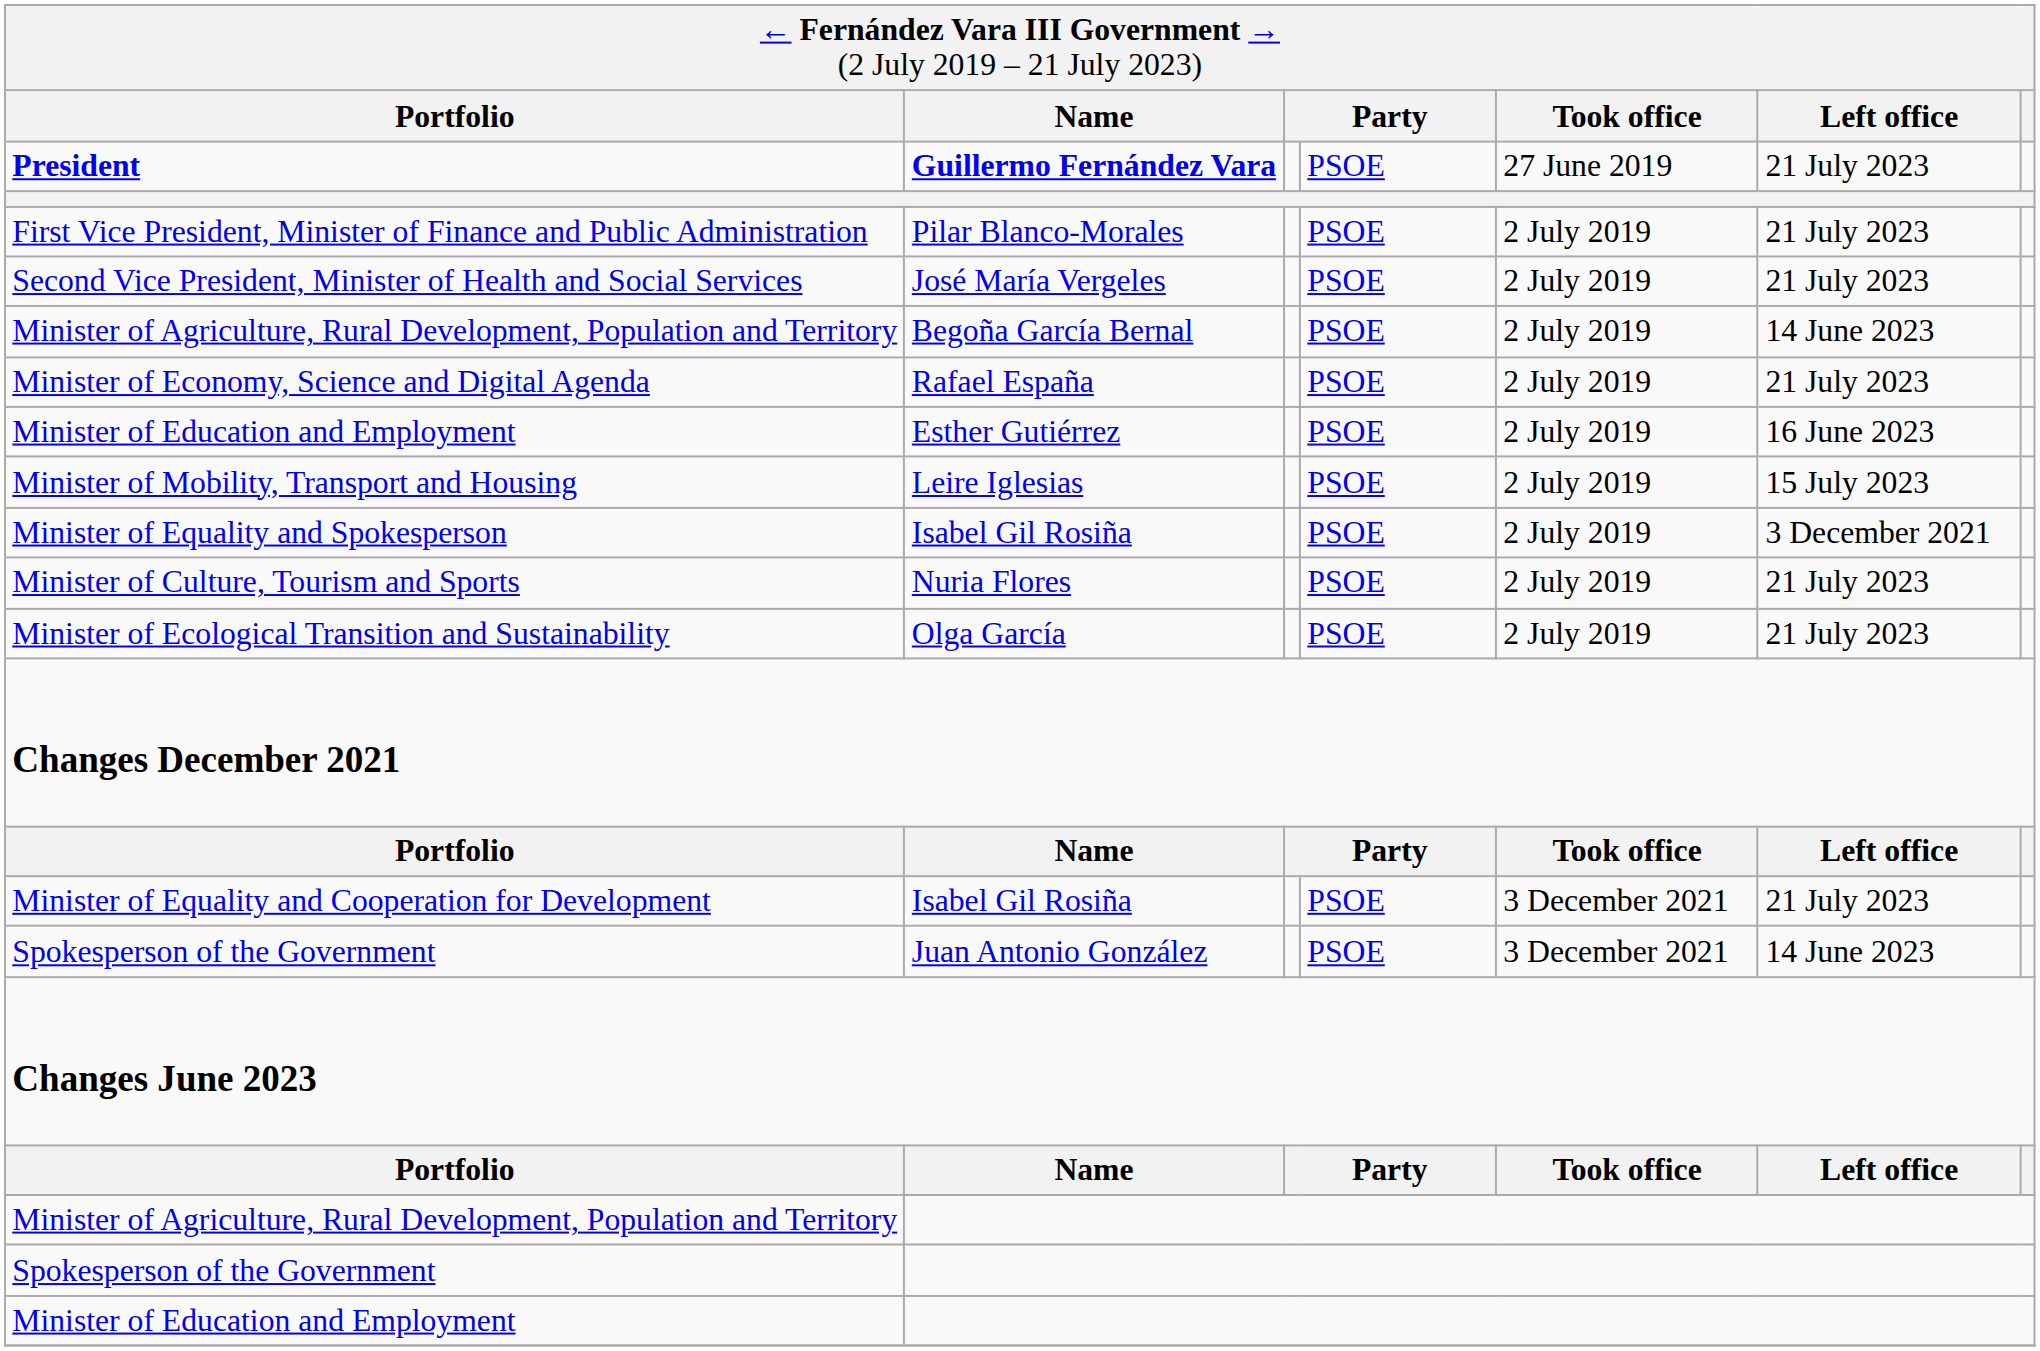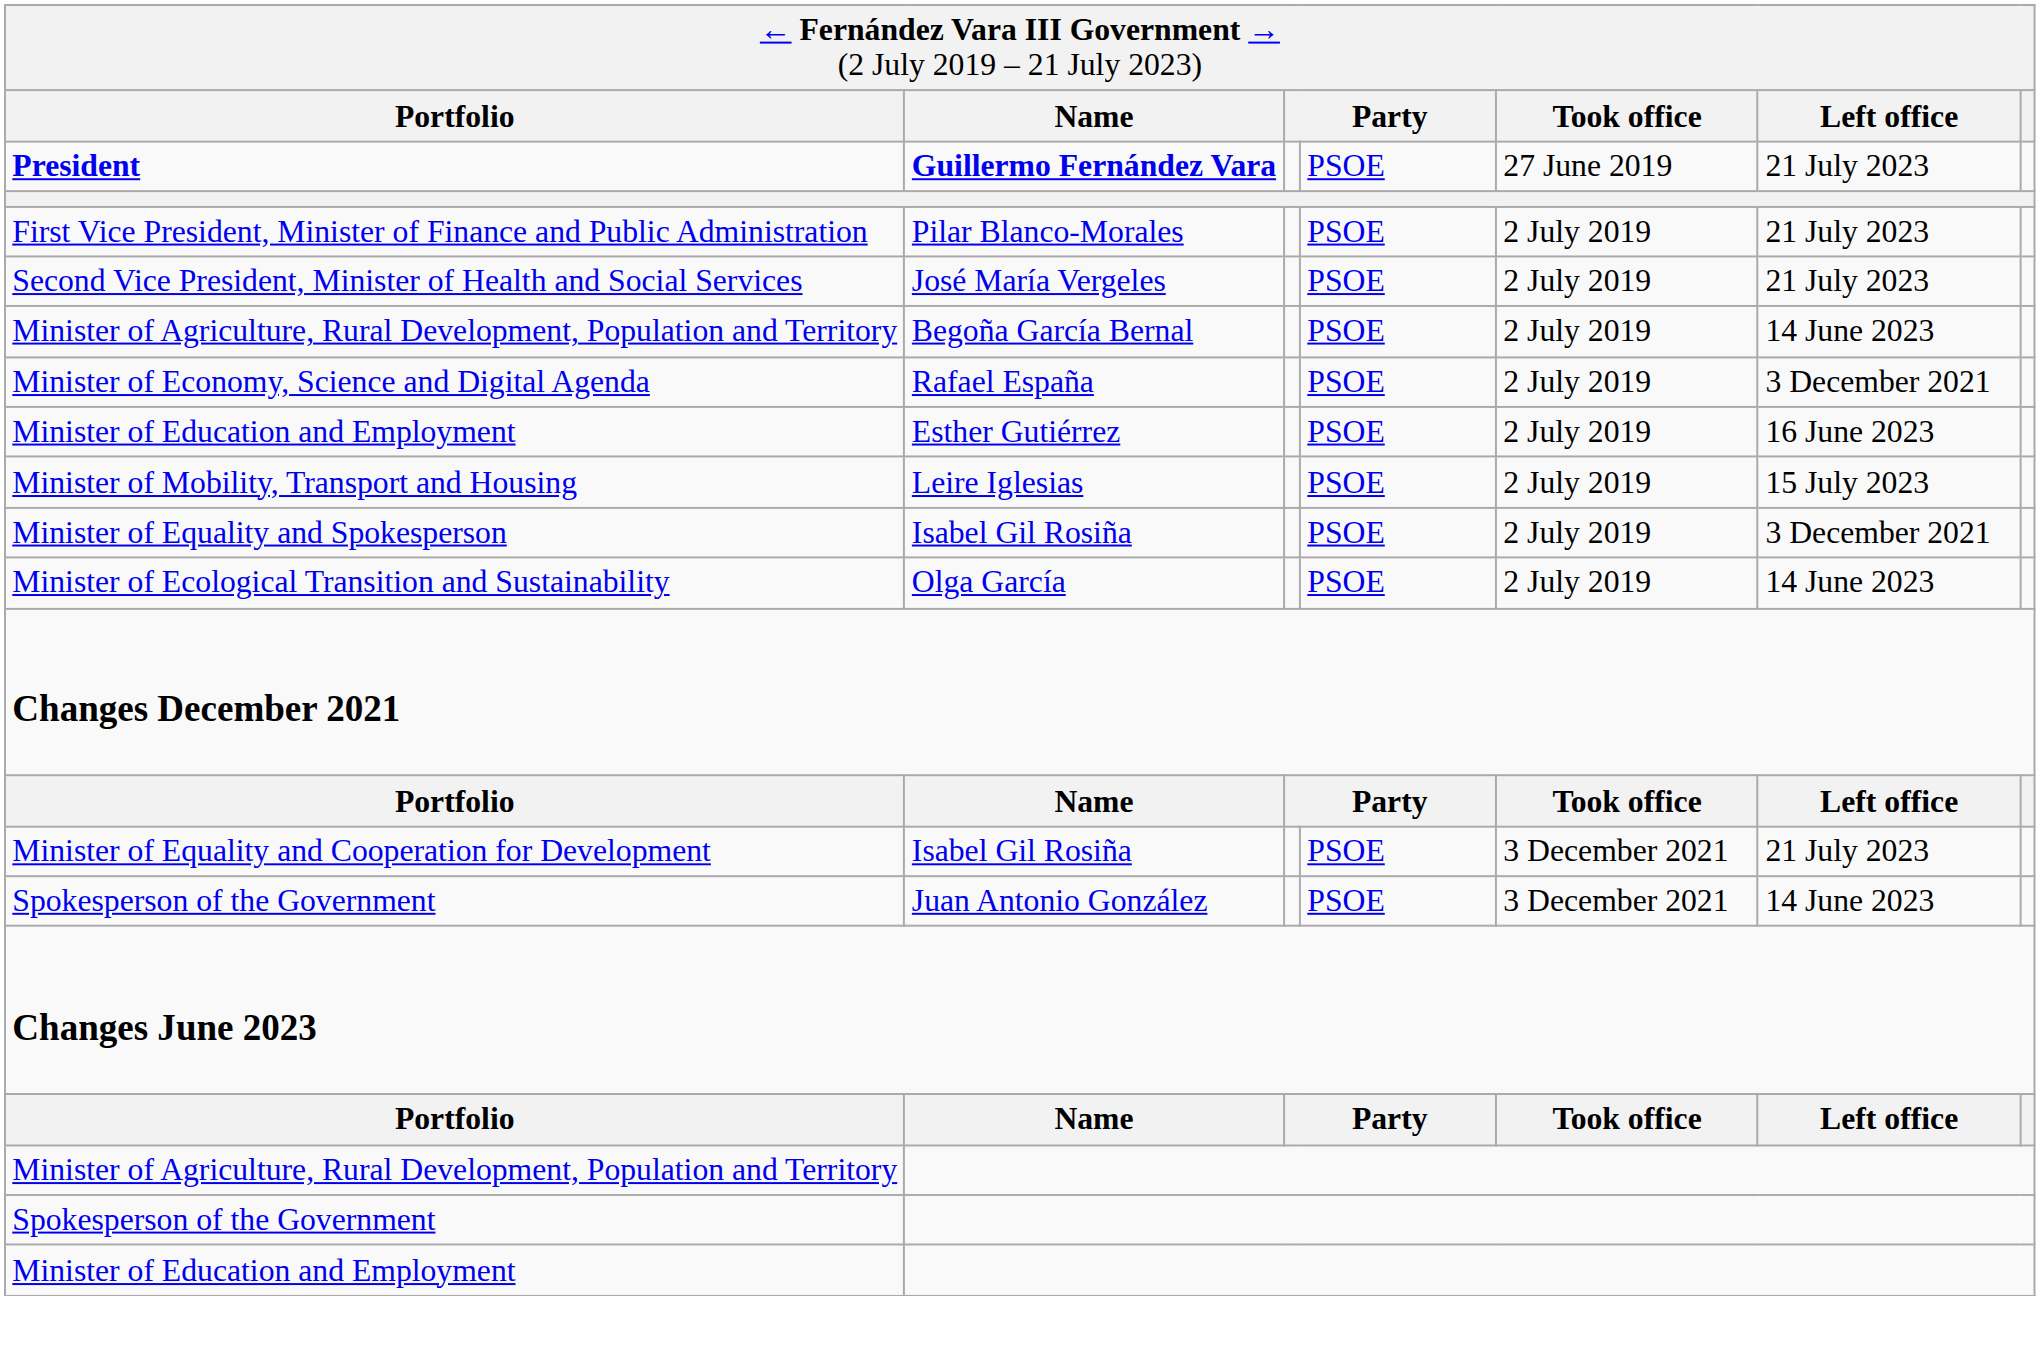 <table class="wikitable">
 <tr>
 <td colspan="7" bgcolor="#F2F2F2" align="center"><a href='#'>←</a> <strong>Fernández Vara III Government</strong> <a href='#'>→</a><br>(2 July 2019 – 21 July 2023)</td>
 </tr>
 <tr>
 <th>Portfolio</th>
 <th>Name</th>
 <th width="100px" colspan="2">Party</th>
 <th width="125px">Took office</th>
 <th width="125px">Left office</th>
 <th></th>
 </tr>
 <tr>
 <td><strong><a href='#'>President</a></strong></td>
 <td><strong><a href='#'>Guillermo Fernández Vara</a></strong></td>
 <td width="1" style="background-color:"></td>
 <td><a href='#'>PSOE</a></td>
 <td>27 June 2019</td>
 <td>21 July 2023</td>
 <td align="center"></td>
 </tr>
 <tr>
 <th colspan="7"></th>
 </tr>
 <tr>
 <td><a href='#'>First Vice President, Minister of Finance and Public Administration</a></td>
 <td><a href='#'>Pilar Blanco-Morales</a></td>
 <td style="background-color:"></td>
 <td><a href='#'>PSOE</a></td>
 <td>2 July 2019</td>
 <td>21 July 2023</td>
 <td align="center"></td>
 </tr>
 <tr>
 <td><a href='#'>Second Vice President, Minister of Health and Social Services</a></td>
 <td><a href='#'>José María Vergeles</a></td>
 <td style="background-color:"></td>
 <td><a href='#'>PSOE</a></td>
 <td>2 July 2019</td>
 <td>21 July 2023</td>
 <td align="center"></td>
 </tr>
 <tr>
 <td><a href='#'>Minister of Agriculture, Rural Development, Population and Territory</a></td>
 <td><a href='#'>Begoña García Bernal</a></td>
 <td style="background-color:"></td>
 <td><a href='#'>PSOE</a></td>
 <td>2 July 2019</td>
 <td>14 June 2023</td>
 <td align="center"></td>
 </tr>
 <tr>
 <td><a href='#'>Minister of Economy, Science and Digital Agenda</a></td>
 <td><a href='#'>Rafael España</a></td>
 <td style="background-color:"></td>
 <td><a href='#'>PSOE</a></td>
 <td>2 July 2019</td>
-<td>21 July 2023</td>
+<td>3 December 2021</td>
 <td align="center"></td>
 </tr>
 <tr>
 <td><a href='#'>Minister of Education and Employment</a></td>
 <td><a href='#'>Esther Gutiérrez</a></td>
 <td style="background-color:"></td>
 <td><a href='#'>PSOE</a></td>
 <td>2 July 2019</td>
 <td>16 June 2023</td>
 <td align="center"></td>
 </tr>
 <tr>
 <td><a href='#'>Minister of Mobility, Transport and Housing</a></td>
 <td><a href='#'>Leire Iglesias</a></td>
 <td style="background-color:"></td>
 <td><a href='#'>PSOE</a></td>
 <td>2 July 2019</td>
 <td>15 July 2023</td>
 <td align="center"></td>
 </tr>
 <tr>
 <td><a href='#'>Minister of Equality and Spokesperson</a></td>
 <td><a href='#'>Isabel Gil Rosiña</a></td>
 <td style="background-color:"></td>
 <td><a href='#'>PSOE</a></td>
 <td>2 July 2019</td>
 <td>3 December 2021</td>
 <td align="center"></td>
 </tr>
 <tr>
-<td><a href='#'>Minister of Culture, Tourism and Sports</a></td>
-<td><a href='#'>Nuria Flores</a></td>
-<td style="background-color:"></td>
-<td><a href='#'>PSOE</a></td>
-<td>2 July 2019</td>
-<td>21 July 2023</td>
-<td align="center"></td>
-</tr>
-<tr>
 <td><a href='#'>Minister of Ecological Transition and Sustainability</a></td>
 <td><a href='#'>Olga García</a></td>
 <td style="background-color:"></td>
 <td><a href='#'>PSOE</a></td>
 <td>2 July 2019</td>
-<td>21 July 2023</td>
+<td>14 June 2023</td>
 <td align="center"></td>
 </tr>
 <tr>
 <td colspan="7"><br><h3>Changes December 2021</h3></td>
 </tr>
 <tr>
 <th>Portfolio</th>
 <th>Name</th>
 <th colspan="2">Party</th>
 <th>Took office</th>
 <th>Left office</th>
 <th></th>
 </tr>
 <tr>
 <td><a href='#'>Minister of Equality and Cooperation for Development</a></td>
 <td><a href='#'>Isabel Gil Rosiña</a></td>
 <td style="background-color:"></td>
 <td><a href='#'>PSOE</a></td>
 <td>3 December 2021</td>
 <td>21 July 2023</td>
 <td align="center"></td>
 </tr>
 <tr>
 <td><a href='#'>Spokesperson of the Government</a></td>
 <td><a href='#'>Juan Antonio González</a></td>
 <td style="background-color:"></td>
 <td><a href='#'>PSOE</a></td>
 <td>3 December 2021</td>
 <td>14 June 2023</td>
 <td align="center"></td>
 </tr>
 <tr>
 <td colspan="7"><br><h3>Changes June 2023</h3></td>
 </tr>
 <tr>
 <th>Portfolio</th>
 <th>Name</th>
 <th colspan="2">Party</th>
 <th>Took office</th>
 <th>Left office</th>
 <th></th>
 </tr>
 <tr>
 <td><a href='#'>Minister of Agriculture, Rural Development, Population and Territory</a></td>
 <td colspan="6"></td>
 </tr>
 <tr>
 <td><a href='#'>Spokesperson of the Government</a></td>
 <td colspan="6"></td>
 </tr>
 <tr>
 <td><a href='#'>Minister of Education and Employment</a></td>
 <td colspan="6"></td>
 </tr>
 <tr>
 </tr>
 </table>
